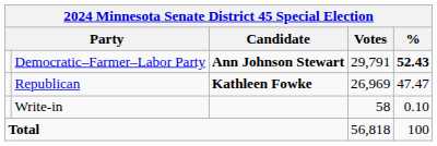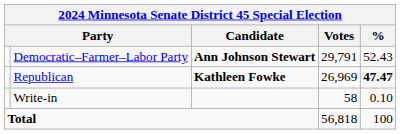 <table class="wikitable">
 <tr>
 <th colspan="6"><a href='#'>2024 Minnesota Senate District 45 Special Election</a></th>
 </tr>
 <tr>
 <th colspan="2">Party</th>
 <th>Candidate</th>
 <th>Votes</th>
 <th>%</th>
 </tr>
 <tr>
 <td style="background-color:"></td>
 <td><a href='#'>Democratic–Farmer–Labor Party</a></td>
 <td><strong>Ann Johnson Stewart</strong></td>
 <td align="right">29,791</td>
-<td align="right"><strong>52.43</strong></td>
+<td align="right">52.43</td>
 </tr>
 <tr>
 <td style="background-color:"></td>
 <td><a href='#'>Republican</a></td>
 <td><strong>Kathleen Fowke</strong></td>
 <td align="right">26,969</td>
-<td align="right">47.47</td>
+<td align="right"><strong>47.47</strong></td>
 </tr>
 <tr>
 <td Write-in></td>
 <td>Write-in</td>
 <td></td>
 <td align="right">58</td>
 <td align="right">0.10</td>
 </tr>
 <tr>
 <td colspan="3"><strong>Total</strong></td>
 <td align="right">56,818</td>
 <td align="right">100</td>
 </tr>
 </table>
